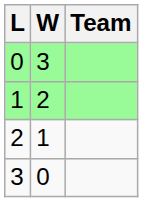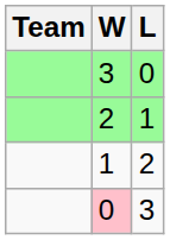 <table class=wikitable>
 <tr>
+<th>Team</th>
+<th>W</th>
 <th>L</th>
-<th>W</th>
-<th>Team</th>
 </tr>
 <tr bgcolor=98fb98>
+<td></td>
+<td>3</td>
 <td>0</td>
-<td>3</td>
-<td></td>
 </tr>
 <tr bgcolor=98fb98>
+<td></td>
+<td>2</td>
+<td>1</td>
+</tr>
+<tr>
+<td></td>
 <td>1</td>
 <td>2</td>
-<td></td>
 </tr>
 <tr>
-<td>2</td>
-<td>1</td>
 <td></td>
-</tr>
-<tr>
+<td style="background: pink;">0</td>
 <td>3</td>
-<td>0</td>
-<td></td>
 </tr>
 </table>
